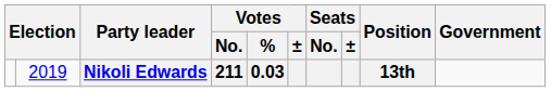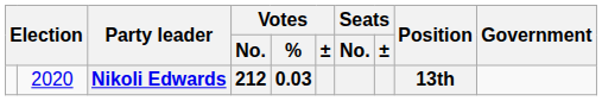 <table class="wikitable" style="text-align:center">
 <tr>
 <th colspan="2" rowspan="2"><strong>Election</strong></th>
 <th rowspan="2"><strong>Party leader</strong></th>
 <th colspan="3">Votes</th>
 <th colspan="2">Seats</th>
 <th rowspan="2"><strong>Position</strong></th>
 <th rowspan="2">Government</th>
 </tr>
 <tr>
 <th>No.</th>
 <th><strong>%</strong></th>
 <th>±</th>
 <th><strong>No.</strong></th>
 <th>±</th>
 </tr>
 <tr>
 <td></td>
-<td><a href='#'>2019</a></td>
+<td><a href='#'>2020</a></td>
 <th><a href='#'>Nikoli Edwards</a></th>
-<th>211</th>
+<th>212</th>
 <th>0.03</th>
 <th></th>
 <th></th>
 <th></th>
 <th>13th</th>
 <td></td>
 </tr>
 </table>
